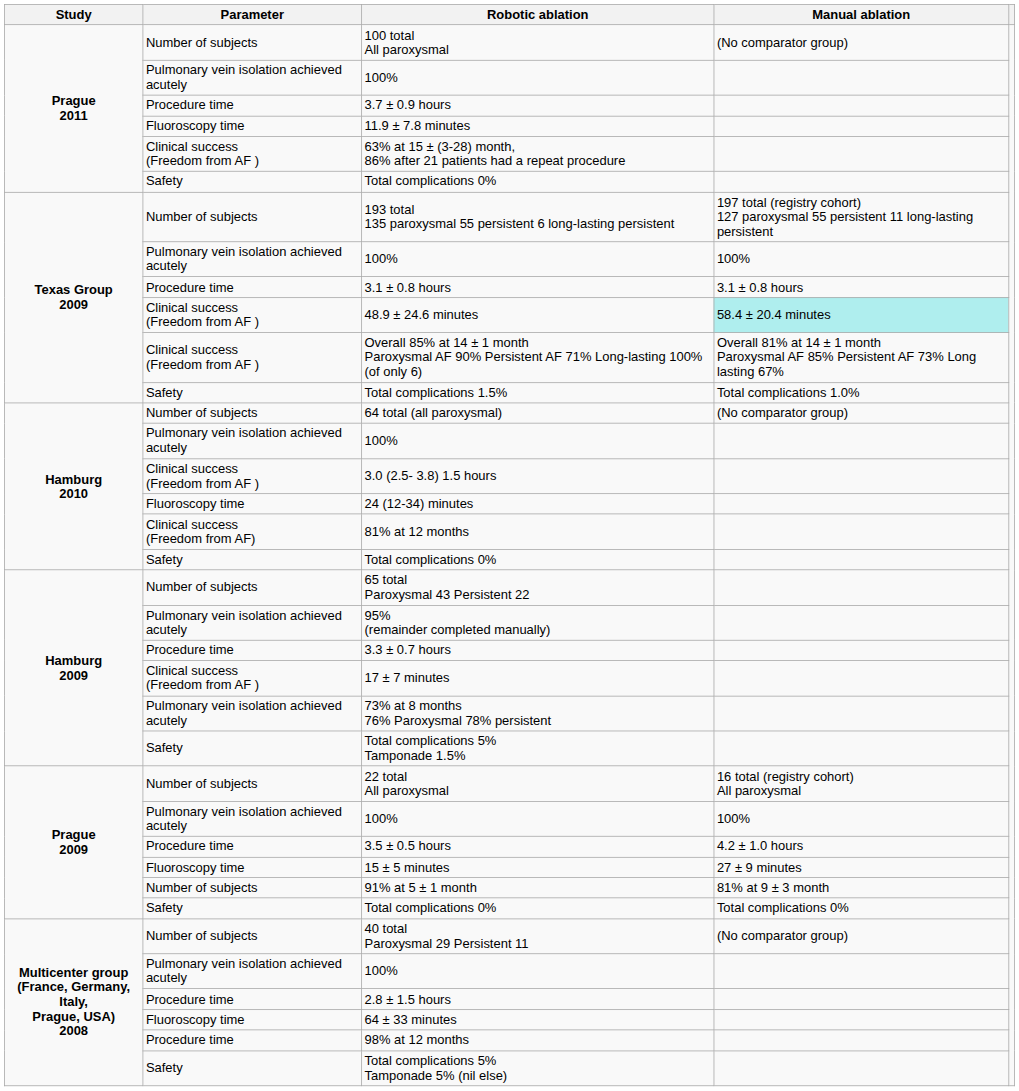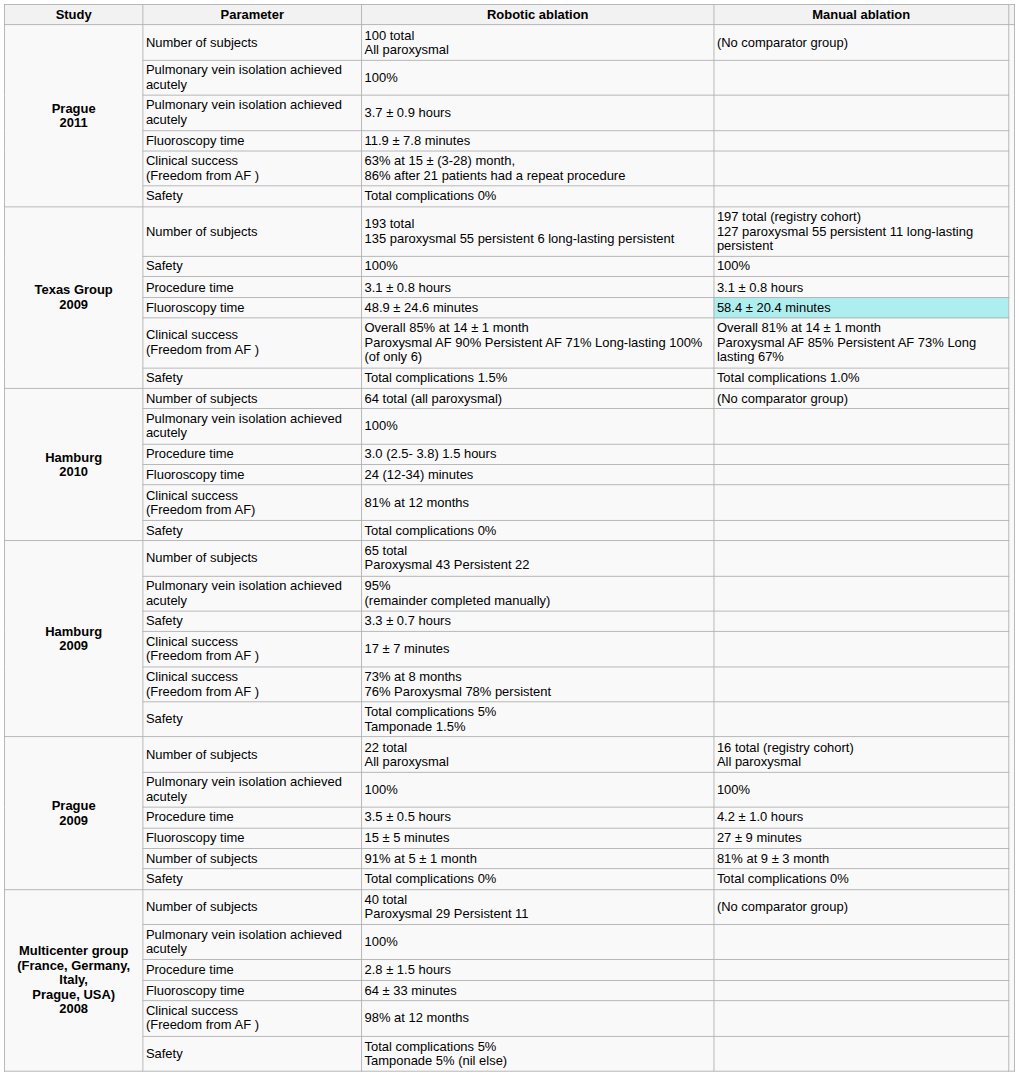 <table class="wikitable">
 <tr>
 <th>Study</th>
 <th>Parameter</th>
 <th>Robotic ablation</th>
 <th>Manual ablation</th>
 <th></th>
 </tr>
 <tr>
 <td rowspan=6; align=center><strong>Prague<br>2011</strong></td>
 <td>Number of subjects</td>
 <td>100 total<br>All paroxysmal</td>
 <td>(No comparator group)</td>
 </tr>
 <tr>
 <td>Pulmonary vein isolation achieved acutely</td>
 <td>100%</td>
 <td></td>
 </tr>
 <tr>
-<td>Procedure time</td>
+<td>Pulmonary vein isolation achieved acutely</td>
 <td>3.7 ± 0.9 hours</td>
 <td></td>
 </tr>
 <tr>
 <td>Fluoroscopy time</td>
 <td>11.9 ± 7.8 minutes</td>
 <td></td>
 </tr>
 <tr>
 <td>Clinical success<br>(Freedom from AF )</td>
 <td>63% at 15 ± (3-28) month,<br>86% after 21 patients had a repeat procedure</td>
 <td></td>
 </tr>
 <tr>
 <td>Safety</td>
 <td>Total complications 0%</td>
 <td></td>
 </tr>
 <tr>
 <td rowspan=6; align=center><strong>Texas Group<br>2009</strong></td>
 <td>Number of subjects</td>
 <td>193 total<br>135 paroxysmal 55 persistent 6 long-lasting persistent</td>
 <td>197 total (registry cohort)<br>127 paroxysmal 55 persistent 11 long-lasting persistent</td>
 </tr>
 <tr>
-<td>Pulmonary vein isolation achieved acutely</td>
+<td>Safety</td>
 <td>100%</td>
 <td>100%</td>
 </tr>
 <tr>
 <td>Procedure time</td>
 <td>3.1 ± 0.8 hours</td>
 <td>3.1 ± 0.8 hours</td>
 </tr>
 <tr>
-<td>Clinical success<br>(Freedom from AF )</td>
+<td>Fluoroscopy time</td>
 <td>48.9 ± 24.6 minutes</td>
 <td style="background: paleturquoise;">58.4 ± 20.4 minutes</td>
 </tr>
 <tr>
 <td>Clinical success<br>(Freedom from AF )</td>
 <td>Overall 85% at 14 ± 1 month<br>Paroxysmal AF 90% Persistent AF 71% Long-lasting 100% (of only 6)</td>
 <td>Overall 81% at 14 ± 1 month<br>Paroxysmal AF 85% Persistent AF 73% Long lasting 67%</td>
 </tr>
 <tr>
 <td>Safety</td>
 <td>Total complications 1.5%<br></td>
 <td>Total complications 1.0%<br></td>
 </tr>
 <tr>
 <td rowspan=6; align=center><strong>Hamburg<br>2010</strong></td>
 <td>Number of subjects</td>
 <td>64 total (all paroxysmal)</td>
 <td>(No comparator group)</td>
 </tr>
 <tr>
 <td>Pulmonary vein isolation achieved acutely</td>
 <td>100%</td>
 <td></td>
 </tr>
 <tr>
-<td>Clinical success<br>(Freedom from AF )</td>
+<td>Procedure time</td>
 <td>3.0 (2.5- 3.8) 1.5 hours</td>
 <td></td>
 </tr>
 <tr>
 <td>Fluoroscopy time</td>
 <td>24 (12-34) minutes</td>
 <td></td>
 </tr>
 <tr>
 <td>Clinical success<br>(Freedom from AF)</td>
 <td>81% at 12 months</td>
 <td></td>
 </tr>
 <tr>
 <td>Safety</td>
 <td>Total complications 0%</td>
 <td></td>
 </tr>
 <tr>
 <td rowspan=6; align=center><strong>Hamburg<br>2009</strong></td>
 <td>Number of subjects</td>
 <td>65 total<br>Paroxysmal 43 Persistent 22</td>
 <td></td>
 </tr>
 <tr>
 <td>Pulmonary vein isolation achieved acutely</td>
 <td>95%<br>(remainder completed manually)</td>
 <td></td>
 </tr>
 <tr>
-<td>Procedure time</td>
+<td>Safety</td>
 <td>3.3 ± 0.7 hours</td>
 <td></td>
 </tr>
 <tr>
 <td>Clinical success<br>(Freedom from AF )</td>
 <td>17 ± 7 minutes</td>
 <td></td>
 </tr>
 <tr>
-<td>Pulmonary vein isolation achieved acutely</td>
+<td>Clinical success<br>(Freedom from AF )</td>
 <td>73% at 8 months<br>76% Paroxysmal 78% persistent</td>
 <td></td>
 </tr>
 <tr>
 <td>Safety</td>
 <td>Total complications 5%<br>Tamponade 1.5%</td>
 <td></td>
 </tr>
 <tr>
 <td rowspan=6; align=center><strong>Prague<br>2009</strong></td>
 <td>Number of subjects</td>
 <td>22 total<br>All paroxysmal</td>
 <td>16 total (registry cohort)<br>All paroxysmal</td>
 </tr>
 <tr>
 <td>Pulmonary vein isolation achieved acutely</td>
 <td>100%</td>
 <td>100%</td>
 </tr>
 <tr>
 <td>Procedure time</td>
 <td>3.5 ± 0.5 hours</td>
 <td>4.2 ± 1.0 hours</td>
 </tr>
 <tr>
 <td>Fluoroscopy time</td>
 <td>15 ± 5 minutes</td>
 <td>27 ± 9 minutes</td>
 </tr>
 <tr>
 <td>Number of subjects</td>
 <td>91% at 5 ± 1 month</td>
 <td>81% at 9 ± 3 month</td>
 </tr>
 <tr>
 <td>Safety</td>
 <td>Total complications 0%</td>
 <td>Total complications 0%</td>
 </tr>
 <tr>
 <td rowspan=6; align=center><strong>Multicenter group<br>(France, Germany, Italy,<br>Prague, USA)<br>2008</strong></td>
 <td>Number of subjects</td>
 <td>40 total<br>Paroxysmal 29 Persistent 11</td>
 <td>(No comparator group)</td>
 </tr>
 <tr>
 <td>Pulmonary vein isolation achieved acutely</td>
 <td>100%</td>
 <td></td>
 </tr>
 <tr>
 <td>Procedure time</td>
 <td>2.8 ± 1.5 hours</td>
 <td></td>
 </tr>
 <tr>
 <td>Fluoroscopy time</td>
 <td>64 ± 33 minutes</td>
 <td></td>
 </tr>
 <tr>
-<td>Procedure time</td>
+<td>Clinical success<br>(Freedom from AF )</td>
 <td>98% at 12 months</td>
 <td></td>
 </tr>
 <tr>
 <td>Safety</td>
 <td>Total complications 5%<br>Tamponade 5% (nil else)</td>
 <td></td>
 </tr>
 </table>
